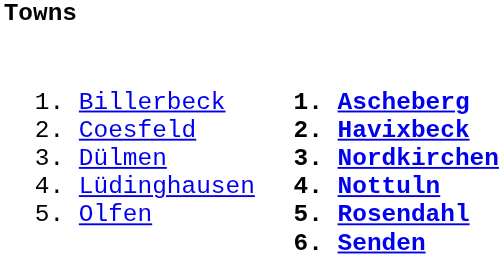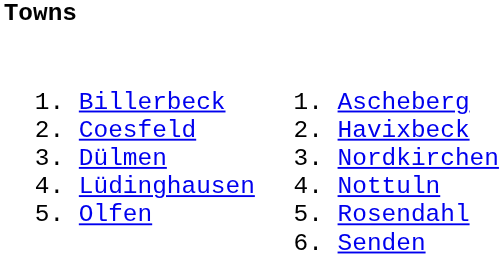 <table>
 <tr>
 <th align=left>Towns</th>
 </tr>
 <tr valign=top>
 <td><br><ol><li><a href='#'>Billerbeck</a></li><li><a href='#'>Coesfeld</a></li><li><a href='#'>Dülmen</a></li><li><a href='#'>Lüdinghausen</a></li><li><a href='#'>Olfen</a></li></ol></td>
-<td><strong><br><ol><li><a href='#'>Ascheberg</a></li><li><a href='#'>Havixbeck</a></li><li><a href='#'>Nordkirchen</a></li><li><a href='#'>Nottuln</a></li><li><a href='#'>Rosendahl</a></li><li><a href='#'>Senden</a></li></ol></strong></td>
+<td><br><ol><li><a href='#'>Ascheberg</a></li><li><a href='#'>Havixbeck</a></li><li><a href='#'>Nordkirchen</a></li><li><a href='#'>Nottuln</a></li><li><a href='#'>Rosendahl</a></li><li><a href='#'>Senden</a></li></ol></td>
 </tr>
 </table>
